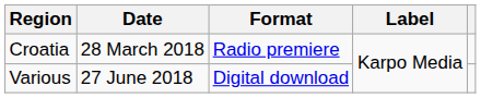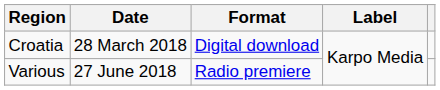 <table class=wikitable>
 <tr>
 <th>Region</th>
 <th>Date</th>
 <th>Format</th>
 <th>Label</th>
 <th></th>
 </tr>
 <tr>
 <td>Croatia</td>
 <td>28 March 2018</td>
-<td><a href='#'>Radio premiere</a></td>
+<td><a href='#'>Digital download</a></td>
 <td rowspan="2">Karpo Media</td>
 <td></td>
 </tr>
 <tr>
 <td>Various</td>
 <td>27 June 2018</td>
-<td><a href='#'>Digital download</a></td>
+<td><a href='#'>Radio premiere</a></td>
 <td></td>
 </tr>
 </table>
